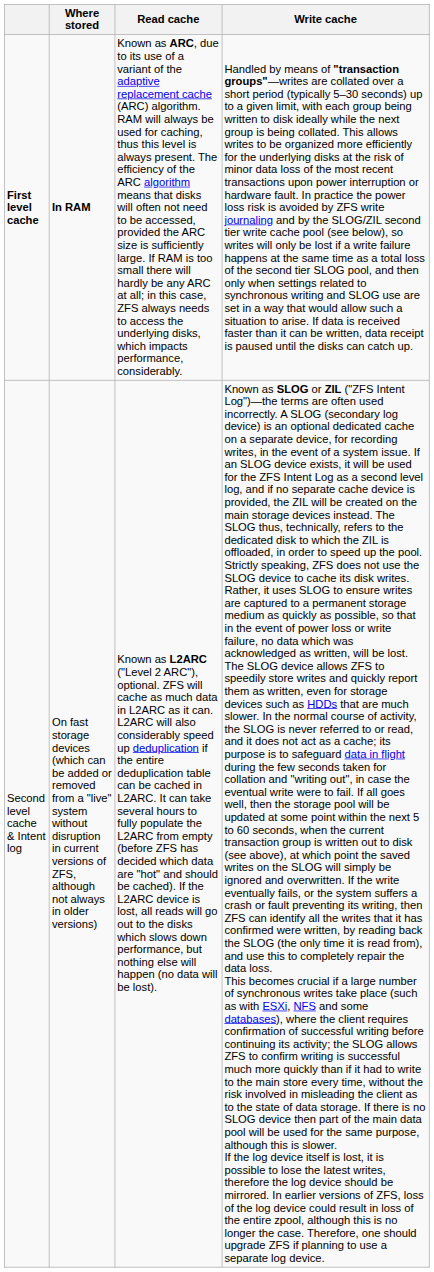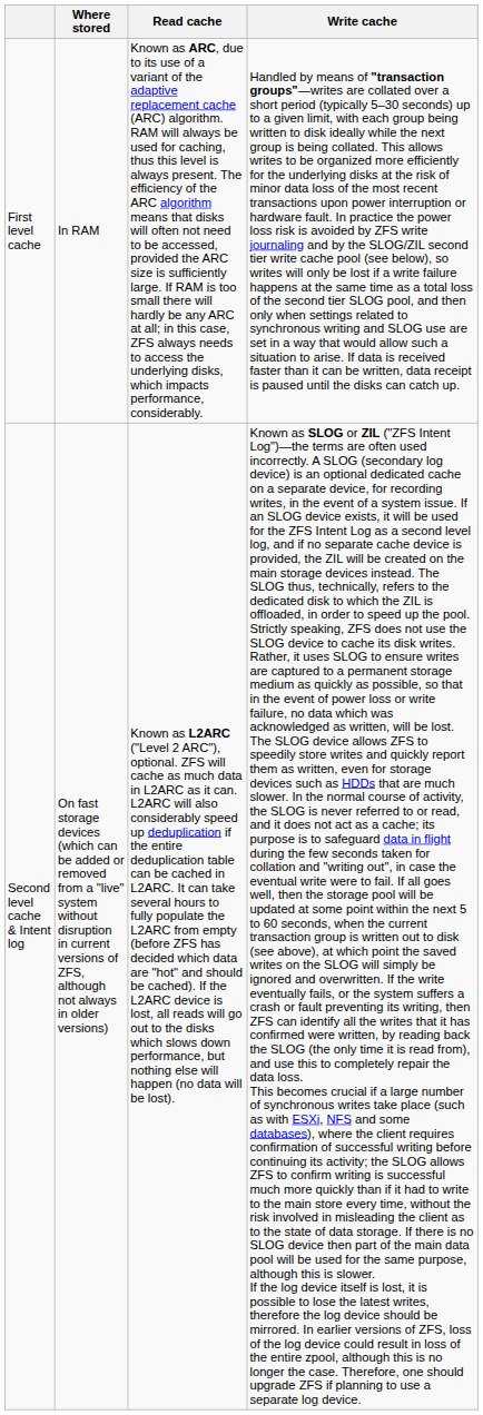 <table class=wikitable>
 <tr>
 <th> </th>
 <th>Where stored</th>
 <th>Read cache</th>
 <th>Write cache</th>
 </tr>
 <tr>
-<td><strong>First level cache</strong></td>
-<td><strong>In RAM</strong></td>
+<td>First level cache</td>
+<td>In RAM</td>
 <td>Known as <strong>ARC</strong>, due to its use of a variant of the <a href='#'>adaptive replacement cache</a> (ARC) algorithm. RAM will always be used for caching, thus this level is always present. The efficiency of the ARC <a href='#'>algorithm</a> means that disks will often not need to be accessed, provided the ARC size is sufficiently large. If RAM is too small there will hardly be any ARC at all; in this case, ZFS always needs to access the underlying disks, which impacts performance, considerably.</td>
 <td>Handled by means of <strong>"transaction groups"</strong>—writes are collated over a short period (typically 5–30 seconds) up to a given limit, with each group being written to disk ideally while the next group is being collated. This allows writes to be organized more efficiently for the underlying disks at the risk of minor data loss of the most recent transactions upon power interruption or hardware fault. In practice the power loss risk is avoided by ZFS write <a href='#'>journaling</a> and by the SLOG/ZIL second tier write cache pool (see below), so writes will only be lost if a write failure happens at the same time as a total loss of the second tier SLOG pool, and then only when settings related to synchronous writing and SLOG use are set in a way that would allow such a situation to arise. If data is received faster than it can be written, data receipt is paused until the disks can catch up.</td>
 </tr>
 <tr>
 <td>Second level cache & Intent log</td>
 <td>On fast storage devices (which can be added or removed from a "live" system without disruption in current versions of ZFS, although not always in older versions)</td>
 <td>Known as <strong>L2ARC</strong> ("Level 2 ARC"), optional. ZFS will cache as much data in L2ARC as it can. L2ARC will also considerably speed up <a href='#'>deduplication</a> if the entire deduplication table can be cached in L2ARC. It can take several hours to fully populate the L2ARC from empty (before ZFS has decided which data are "hot" and should be cached). If the L2ARC device is lost, all reads will go out to the disks which slows down performance, but nothing else will happen (no data will be lost).</td>
 <td>Known as <strong>SLOG</strong> or <strong>ZIL</strong> ("ZFS Intent Log")—the terms are often used incorrectly. A SLOG (secondary log device) is an optional dedicated cache on a separate device, for recording writes, in the event of a system issue. If an SLOG device exists, it will be used for the ZFS Intent Log as a second level log, and if no separate cache device is provided, the ZIL will be created on the main storage devices instead. The SLOG thus, technically, refers to the dedicated disk to which the ZIL is offloaded, in order to speed up the pool. Strictly speaking, ZFS does not use the SLOG device to cache its disk writes. Rather, it uses SLOG to ensure writes are captured to a permanent storage medium as quickly as possible, so that in the event of power loss or write failure, no data which was acknowledged as written, will be lost. The SLOG device allows ZFS to speedily store writes and quickly report them as written, even for storage devices such as <a href='#'>HDDs</a> that are much slower. In the normal course of activity, the SLOG is never referred to or read, and it does not act as a cache; its purpose is to safeguard <a href='#'>data in flight</a> during the few seconds taken for collation and "writing out", in case the eventual write were to fail. If all goes well, then the storage pool will be updated at some point within the next 5 to 60 seconds, when the current transaction group is written out to disk (see above), at which point the saved writes on the SLOG will simply be ignored and overwritten. If the write eventually fails, or the system suffers a crash or fault preventing its writing, then ZFS can identify all the writes that it has confirmed were written, by reading back the SLOG (the only time it is read from), and use this to completely repair the data loss.<br>This becomes crucial if a large number of synchronous writes take place (such as with <a href='#'>ESXi</a>, <a href='#'>NFS</a> and some <a href='#'>databases</a>), where the client requires confirmation of successful writing before continuing its activity; the SLOG allows ZFS to confirm writing is successful much more quickly than if it had to write to the main store every time, without the risk involved in misleading the client as to the state of data storage. If there is no SLOG device then part of the main data pool will be used for the same purpose, although this is slower.<br>If the log device itself is lost, it is possible to lose the latest writes, therefore the log device should be mirrored. In earlier versions of ZFS, loss of the log device could result in loss of the entire zpool, although this is no longer the case. Therefore, one should upgrade ZFS if planning to use a separate log device.</td>
 </tr>
 </table>
